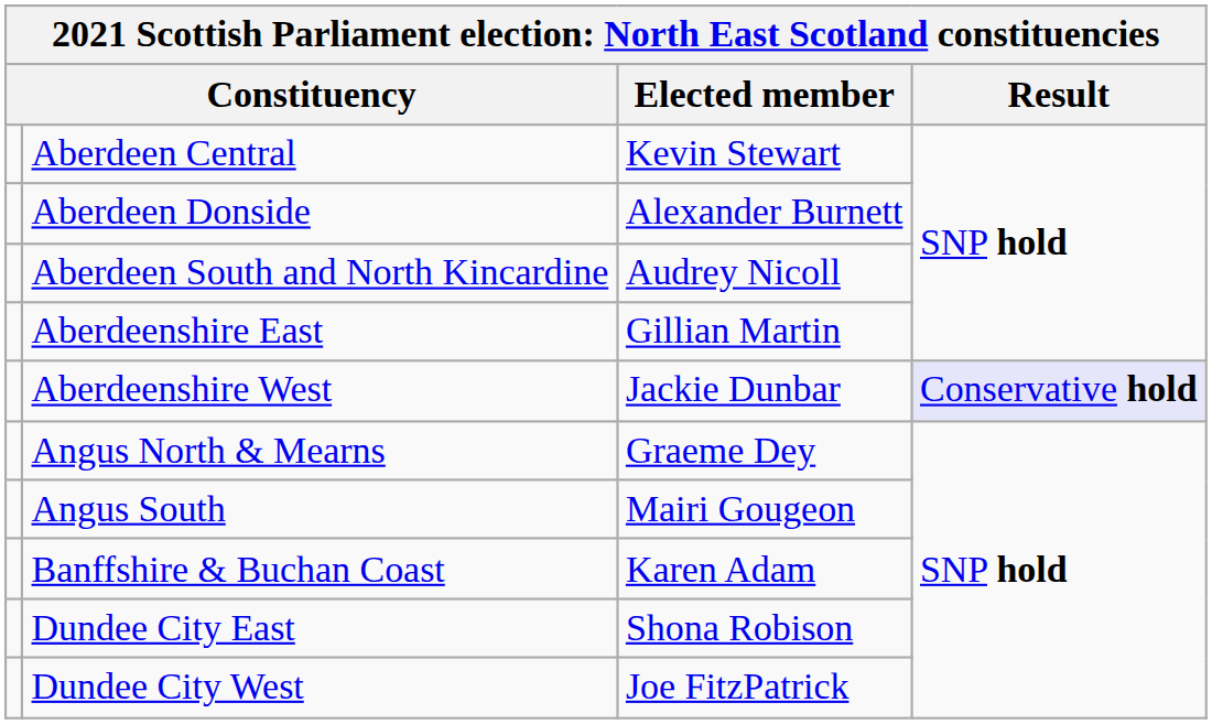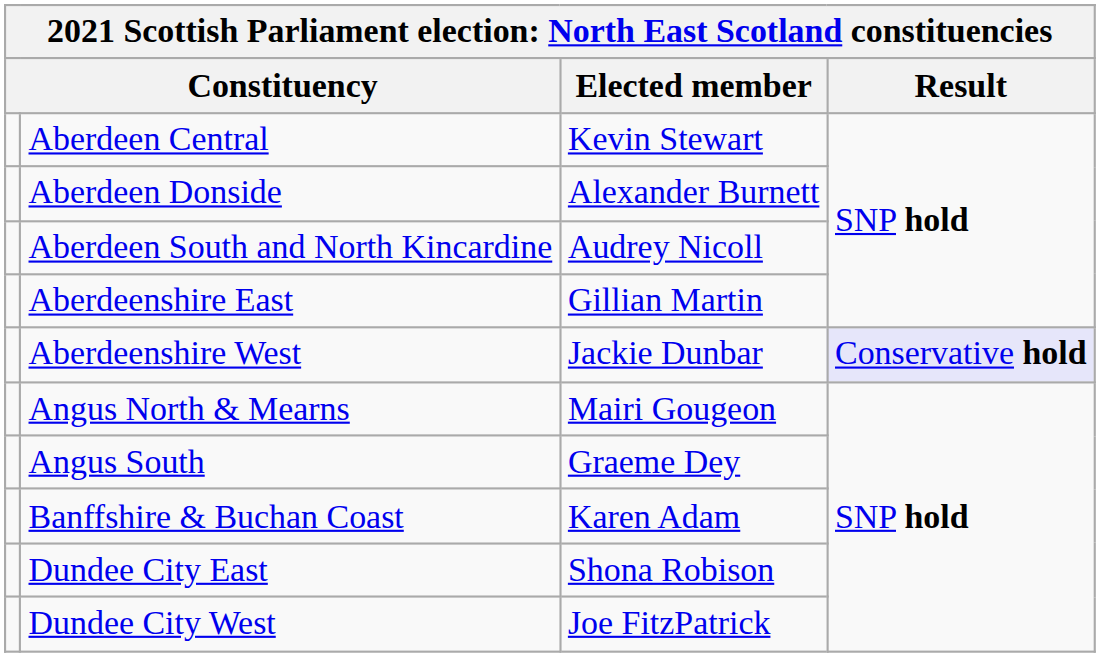 <table class="wikitable">
 <tr>
 <th colspan="4">2021 Scottish Parliament election: <a href='#'>North East Scotland</a> constituencies</th>
 </tr>
 <tr>
 <th colspan="2">Constituency</th>
 <th>Elected member</th>
 <th>Result</th>
 </tr>
 <tr>
 <td style="color:inherit;background-color: "></td>
 <td><a href='#'>Aberdeen Central</a></td>
 <td><a href='#'>Kevin Stewart</a></td>
 <td rowspan="4"><a href='#'>SNP</a> <strong>hold</strong></td>
 </tr>
 <tr>
 <td style="color:inherit;background-color: "></td>
 <td><a href='#'>Aberdeen Donside</a></td>
 <td><a href='#'>Alexander Burnett</a></td>
 </tr>
 <tr>
 <td style="color:inherit;background-color: "></td>
 <td><a href='#'>Aberdeen South and North Kincardine</a></td>
 <td><a href='#'>Audrey Nicoll</a></td>
 </tr>
 <tr>
 <td style="color:inherit;background-color: "></td>
 <td><a href='#'>Aberdeenshire East</a></td>
 <td><a href='#'>Gillian Martin</a></td>
 </tr>
 <tr>
 <td style="color:inherit;background-color: "></td>
 <td><a href='#'>Aberdeenshire West</a></td>
 <td><a href='#'>Jackie Dunbar</a></td>
 <td style="background: lavender;"><a href='#'>Conservative</a> <strong>hold</strong></td>
 </tr>
 <tr>
 <td style="color:inherit;background-color: "></td>
 <td><a href='#'>Angus North & Mearns</a></td>
-<td><a href='#'>Graeme Dey</a></td>
+<td><a href='#'>Mairi Gougeon</a></td>
 <td rowspan="5"><a href='#'>SNP</a> <strong>hold</strong></td>
 </tr>
 <tr>
 <td style="color:inherit;background-color: "></td>
 <td><a href='#'>Angus South</a></td>
-<td><a href='#'>Mairi Gougeon</a></td>
+<td><a href='#'>Graeme Dey</a></td>
 </tr>
 <tr>
 <td style="color:inherit;background-color: "></td>
 <td><a href='#'>Banffshire & Buchan Coast</a></td>
 <td><a href='#'>Karen Adam</a></td>
 </tr>
 <tr>
 <td style="color:inherit;background-color: "></td>
 <td><a href='#'>Dundee City East</a></td>
 <td><a href='#'>Shona Robison</a></td>
 </tr>
 <tr>
 <td style="color:inherit;background-color: "></td>
 <td><a href='#'>Dundee City West</a></td>
 <td><a href='#'>Joe FitzPatrick</a></td>
 </tr>
 </table>
